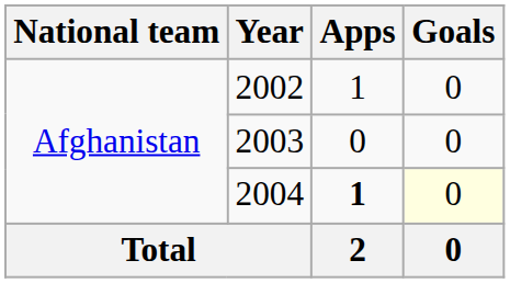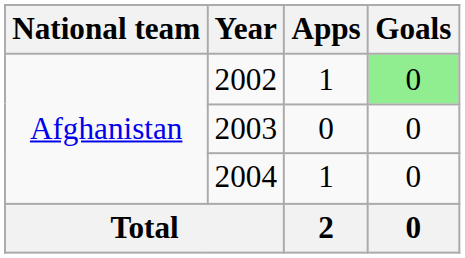 <table class="wikitable" style="text-align: center;">
 <tr>
 <th>National team</th>
 <th>Year</th>
 <th>Apps</th>
 <th>Goals</th>
 </tr>
 <tr>
 <td rowspan="3"><a href='#'>Afghanistan</a></td>
 <td>2002</td>
 <td>1</td>
-<td>0</td>
+<td style="background: lightgreen;">0</td>
 </tr>
 <tr>
 <td>2003</td>
 <td>0</td>
 <td>0</td>
 </tr>
 <tr>
 <td>2004</td>
-<td><strong>1</strong></td>
-<td style="background: lightyellow;">0</td>
+<td>1</td>
+<td>0</td>
 </tr>
 <tr>
 <th colspan="2">Total</th>
 <th>2</th>
 <th>0</th>
 </tr>
 </table>
